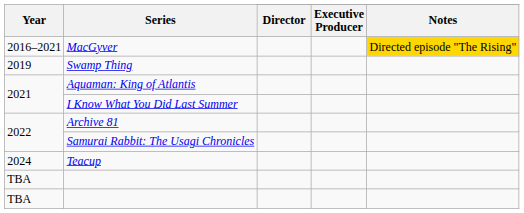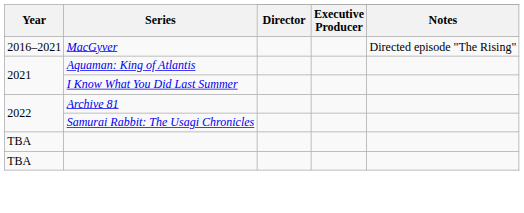 <table class="wikitable">
 <tr>
 <th rowspan=2 style="width 33:px;">Year</th>
 <th rowspan=2>Series</th>
 </tr>
 <tr>
 <th width=65>Director</th>
 <th width=65>Executive<br>Producer</th>
 <th>Notes</th>
 </tr>
 <tr>
 <td>2016–2021</td>
 <td><em><a href='#'>MacGyver</a></em></td>
 <td></td>
 <td></td>
-<td style="background: gold;">Directed episode "The Rising"</td>
-</tr>
-<tr>
-<td>2019</td>
-<td><em><a href='#'>Swamp Thing</a></em></td>
-<td></td>
-<td></td>
-<td></td>
+<td>Directed episode "The Rising"</td>
 </tr>
 <tr>
 <td rowspan="2">2021</td>
 <td><em><a href='#'>Aquaman: King of Atlantis</a></em></td>
 <td></td>
 <td></td>
 <td></td>
 </tr>
 <tr>
 <td><em><a href='#'>I Know What You Did Last Summer</a></em></td>
 <td></td>
 <td></td>
 <td></td>
 </tr>
 <tr>
 <td rowspan="2">2022</td>
 <td><em><a href='#'>Archive 81</a></em></td>
 <td></td>
 <td></td>
 <td></td>
 </tr>
 <tr>
 <td><em><a href='#'>Samurai Rabbit: The Usagi Chronicles</a></em></td>
 <td></td>
 <td></td>
 <td></td>
 </tr>
 <tr>
-<td>2024</td>
-<td><em><a href='#'>Teacup</a></em></td>
-<td></td>
-<td></td>
-<td></td>
-</tr>
-<tr>
 <td>TBA</td>
 <td></td>
 <td></td>
 <td></td>
 <td></td>
 </tr>
 <tr>
 <td>TBA</td>
 <td></td>
 <td></td>
 <td></td>
 <td></td>
 </tr>
 </table>
